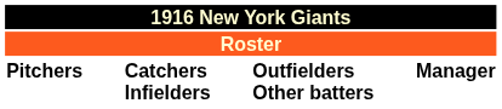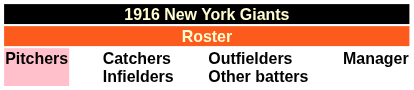 <table class="toccolours" style="font-size: 95%;">
 <tr>
 <th colspan="10" style="background-color: black; color: #FFFDD0; text-align: center;">1916 New York Giants</th>
 </tr>
 <tr>
 <td colspan="10" style="background-color: #fd5a1e; color: #FFFDD0; text-align: center;"><strong>Roster</strong></td>
 </tr>
 <tr>
-<td valign="top"><strong>Pitchers</strong><br>                  </td>
+<td valign="top" style="background: pink;"><strong>Pitchers</strong><br>                  </td>
 <td width="25px"></td>
 <td valign="top"><strong>Catchers</strong><br>      <strong>Infielders</strong>                 </td>
 <td width="25px"></td>
 <td valign="top"><strong>Outfielders</strong><br>       <strong>Other batters</strong>     </td>
 <td width="25px"></td>
 <td valign="top"><strong>Manager</strong><br></td>
 </tr>
 </table>
